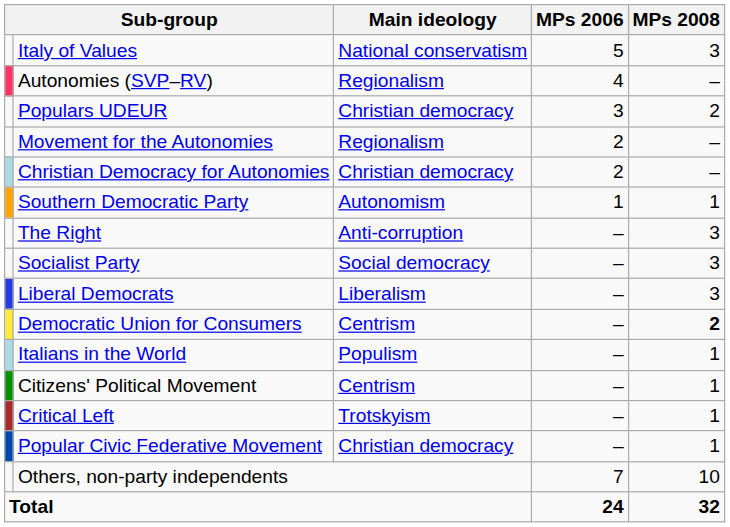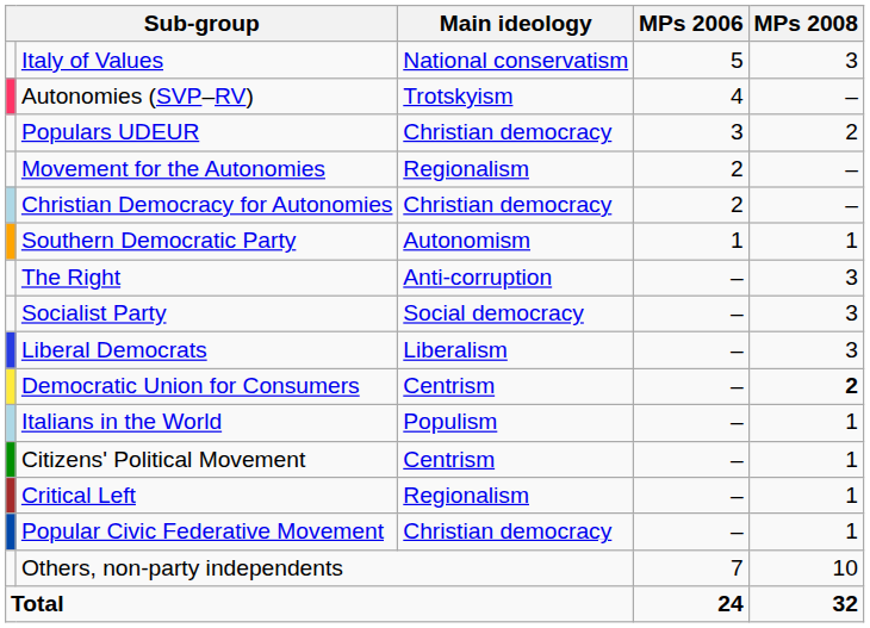 <table class="wikitable" style="font-size:100%">
 <tr>
 <th colspan=2>Sub-group</th>
 <th>Main ideology</th>
 <th>MPs 2006</th>
 <th>MPs 2008</th>
 </tr>
 <tr>
 <td></td>
 <td><a href='#'>Italy of Values</a></td>
 <td><a href='#'>National conservatism</a></td>
 <td align=right>5</td>
 <td align=right>3</td>
 </tr>
 <tr>
 <td bgcolor="#FF3366"></td>
 <td>Autonomies (<a href='#'>SVP</a>–<a href='#'>RV</a>)</td>
-<td><a href='#'>Regionalism</a></td>
+<td><a href='#'>Trotskyism</a></td>
 <td align=right>4</td>
 <td align=right>–</td>
 </tr>
 <tr>
 <td></td>
 <td><a href='#'>Populars UDEUR</a></td>
 <td><a href='#'>Christian democracy</a></td>
 <td align=right>3</td>
 <td align=right>2</td>
 </tr>
 <tr>
 <td></td>
 <td><a href='#'>Movement for the Autonomies</a></td>
 <td><a href='#'>Regionalism</a></td>
 <td align=right>2</td>
 <td align=right>–</td>
 </tr>
 <tr>
 <td bgcolor="lightblue"></td>
 <td><a href='#'>Christian Democracy for Autonomies</a></td>
 <td><a href='#'>Christian democracy</a></td>
 <td align=right>2</td>
 <td align=right>–</td>
 </tr>
 <tr>
 <td bgcolor="orange"></td>
 <td><a href='#'>Southern Democratic Party</a></td>
 <td><a href='#'>Autonomism</a></td>
 <td align=right>1</td>
 <td align=right>1</td>
 </tr>
 <tr>
 <td></td>
 <td><a href='#'>The Right</a></td>
 <td><a href='#'>Anti-corruption</a></td>
 <td align=right>–</td>
 <td align=right>3</td>
 </tr>
 <tr>
 <td></td>
 <td><a href='#'>Socialist Party</a></td>
 <td><a href='#'>Social democracy</a></td>
 <td align=right>–</td>
 <td align=right>3</td>
 </tr>
 <tr>
 <td bgcolor="#273BE2"></td>
 <td><a href='#'>Liberal Democrats</a></td>
 <td><a href='#'>Liberalism</a></td>
 <td align=right>–</td>
 <td align=right>3</td>
 </tr>
 <tr>
 <td bgcolor="#FFEB3B"></td>
 <td><a href='#'>Democratic Union for Consumers</a></td>
 <td><a href='#'>Centrism</a></td>
 <td align=right>–</td>
 <td align=right><strong>2</strong></td>
 </tr>
 <tr>
 <td bgcolor="lightblue"></td>
 <td><a href='#'>Italians in the World</a></td>
 <td><a href='#'>Populism</a></td>
 <td align=right>–</td>
 <td align=right>1</td>
 </tr>
 <tr>
 <td bgcolor="#009000"></td>
 <td>Citizens' Political Movement</td>
 <td><a href='#'>Centrism</a></td>
 <td align=right>–</td>
 <td align=right>1</td>
 </tr>
 <tr>
 <td bgcolor="brown"></td>
 <td><a href='#'>Critical Left</a></td>
-<td><a href='#'>Trotskyism</a></td>
+<td><a href='#'>Regionalism</a></td>
 <td align=right>–</td>
 <td align=right>1</td>
 </tr>
 <tr>
 <td bgcolor="#0048AA"></td>
 <td><a href='#'>Popular Civic Federative Movement</a></td>
 <td><a href='#'>Christian democracy</a></td>
 <td align=right>–</td>
 <td align=right>1</td>
 </tr>
 <tr>
 <td></td>
 <td colspan=2>Others, non-party independents</td>
 <td align=right>7</td>
 <td align=right>10</td>
 </tr>
 <tr>
 <td colspan=3><strong>Total</strong></td>
 <td align=right><strong>24</strong></td>
 <td align=right><strong>32</strong></td>
 </tr>
 </table>
